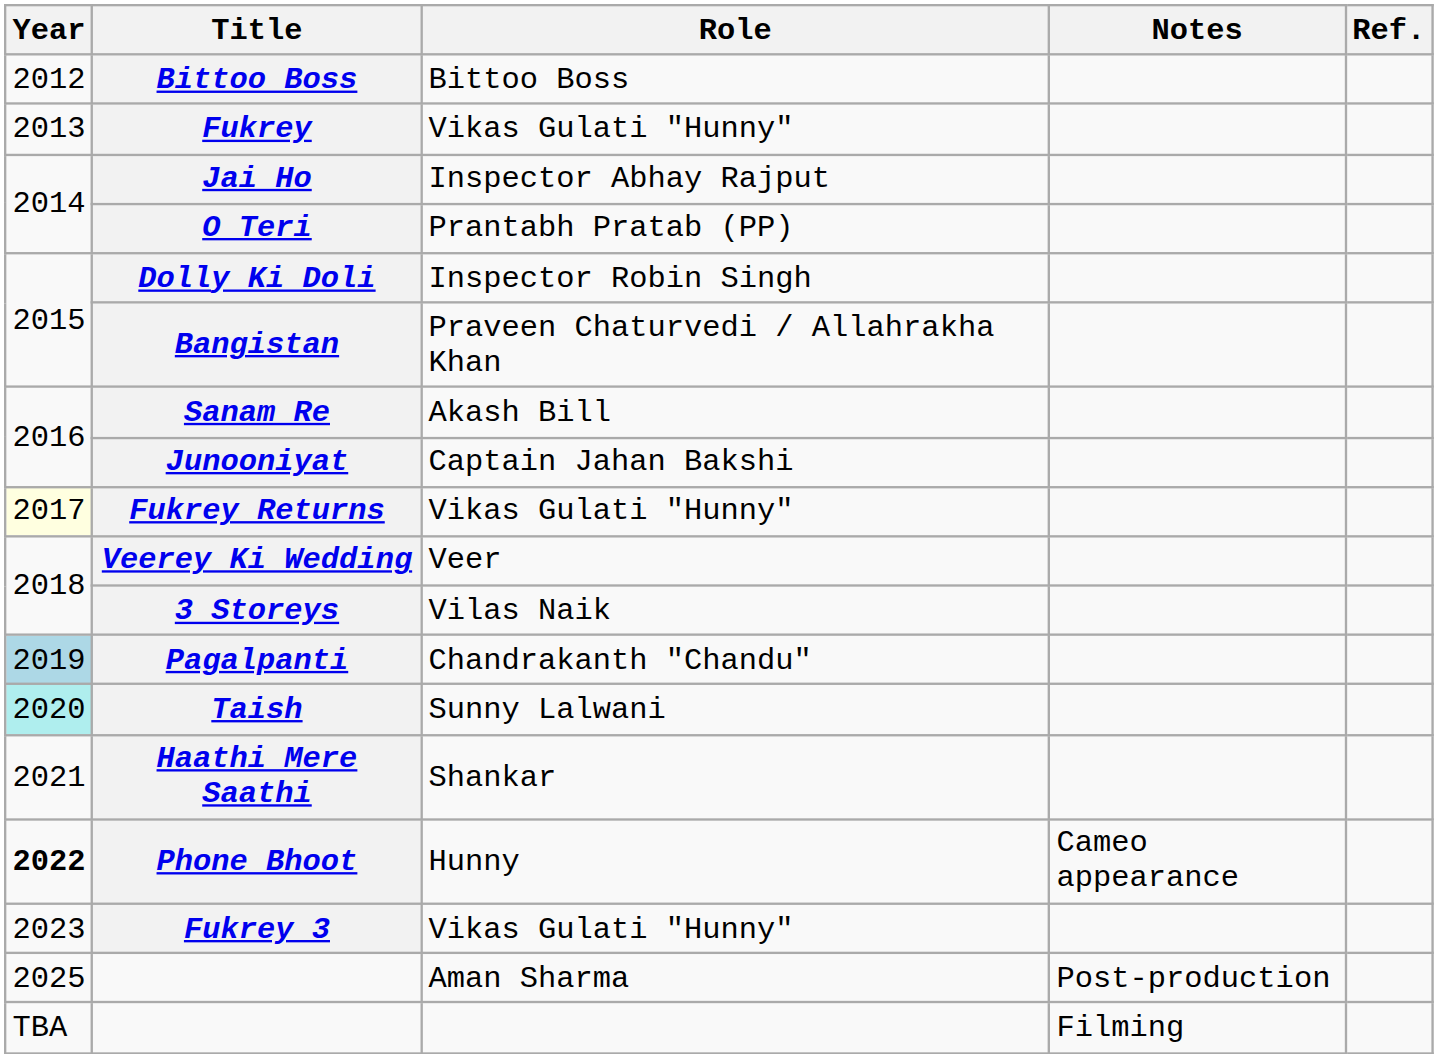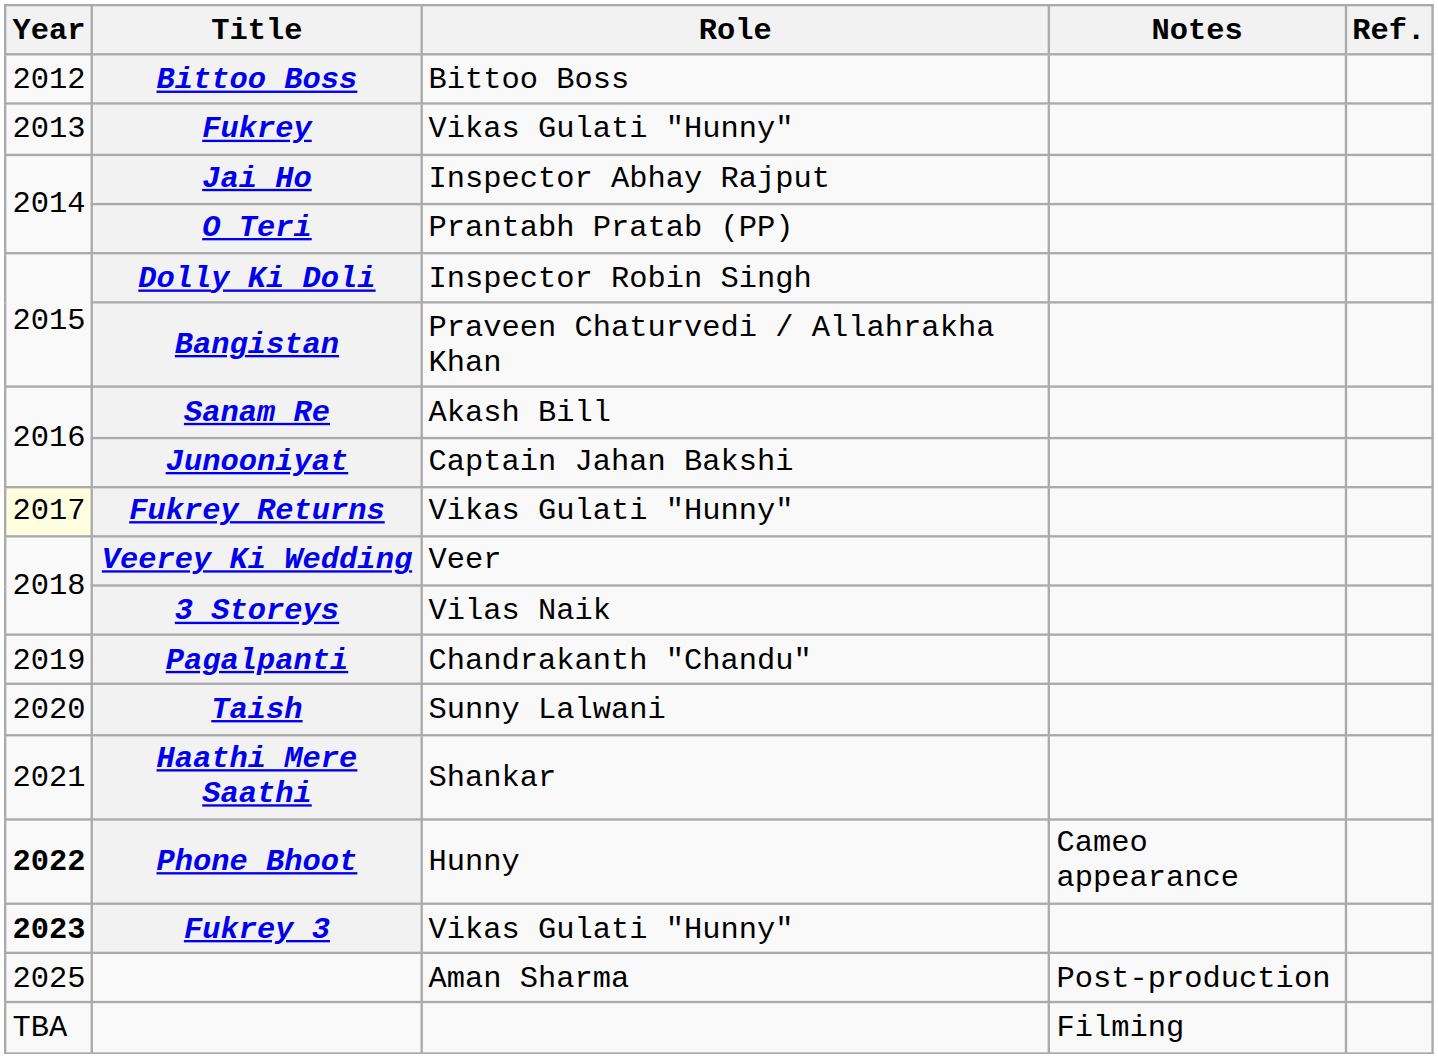 <table class="wikitable sortable plainrowheaders">
 <tr>
 <th>Year</th>
 <th>Title</th>
 <th>Role</th>
 <th>Notes</th>
 <th class ="unsortable">Ref.</th>
 </tr>
 <tr>
 <td>2012</td>
 <th scope="row"><em><a href='#'>Bittoo Boss</a></em></th>
 <td>Bittoo Boss</td>
 <td></td>
 <td></td>
 </tr>
 <tr>
 <td>2013</td>
 <th scope="row"><em><a href='#'>Fukrey</a></em></th>
 <td>Vikas Gulati "Hunny"</td>
 <td></td>
 <td></td>
 </tr>
 <tr>
 <td rowspan="2">2014</td>
 <th scope="row"><em><a href='#'>Jai Ho</a></em></th>
 <td>Inspector Abhay Rajput</td>
 <td></td>
 <td></td>
 </tr>
 <tr>
 <th scope="row"><em><a href='#'>O Teri</a></em></th>
 <td>Prantabh Pratab (PP)</td>
 <td></td>
 <td></td>
 </tr>
 <tr>
 <td rowspan="2">2015</td>
 <th scope="row"><em><a href='#'>Dolly Ki Doli</a></em></th>
 <td>Inspector Robin Singh</td>
 <td></td>
 <td></td>
 </tr>
 <tr>
 <th scope="row"><em><a href='#'>Bangistan</a></em></th>
 <td>Praveen Chaturvedi / Allahrakha Khan</td>
 <td></td>
 <td></td>
 </tr>
 <tr>
 <td rowspan="2">2016</td>
 <th scope="row"><em><a href='#'>Sanam Re</a></em></th>
 <td>Akash Bill</td>
 <td></td>
 <td></td>
 </tr>
 <tr>
 <th scope="row"><em><a href='#'>Junooniyat</a></em></th>
 <td>Captain Jahan Bakshi</td>
 <td></td>
 <td></td>
 </tr>
 <tr>
 <td rowspan="1" style="background: lightyellow;">2017</td>
 <th scope="row"><em><a href='#'>Fukrey Returns</a></em></th>
 <td>Vikas Gulati "Hunny"</td>
 <td></td>
 <td></td>
 </tr>
 <tr>
 <td rowspan="2">2018</td>
 <th scope="row"><em><a href='#'>Veerey Ki Wedding</a></em></th>
 <td>Veer</td>
 <td></td>
 <td></td>
 </tr>
 <tr>
 <th scope="row"><em><a href='#'>3 Storeys</a></em></th>
 <td>Vilas Naik</td>
 <td></td>
 <td></td>
 </tr>
 <tr>
-<td rowspan="1" style="background: lightblue;">2019</td>
+<td rowspan="1">2019</td>
 <th scope="row"><em><a href='#'>Pagalpanti</a></em></th>
 <td>Chandrakanth "Chandu"</td>
 <td></td>
 <td></td>
 </tr>
 <tr>
-<td rowspan="1" style="background: paleturquoise;">2020</td>
+<td rowspan="1">2020</td>
 <th scope="row"><em><a href='#'>Taish</a></em></th>
 <td>Sunny Lalwani</td>
 <td></td>
 <td></td>
 </tr>
 <tr>
 <td>2021</td>
 <th scope="row"><em><a href='#'>Haathi Mere Saathi</a></em></th>
 <td>Shankar</td>
 <td></td>
 <td></td>
 </tr>
 <tr>
 <td><strong>2022</strong></td>
 <th scope="row"><em><a href='#'>Phone Bhoot</a></em></th>
 <td>Hunny</td>
 <td>Cameo appearance</td>
 <td></td>
 </tr>
 <tr>
-<td>2023</td>
+<td><strong>2023</strong></td>
 <th scope="row"><em><a href='#'>Fukrey 3</a></em></th>
 <td>Vikas Gulati "Hunny"</td>
 <td></td>
 <td></td>
 </tr>
 <tr>
 <td>2025</td>
 <td></td>
 <td>Aman Sharma</td>
 <td>Post-production</td>
 <td></td>
 </tr>
 <tr>
 <td>TBA</td>
 <td></td>
 <td></td>
 <td>Filming</td>
 <td></td>
 </tr>
 </table>
